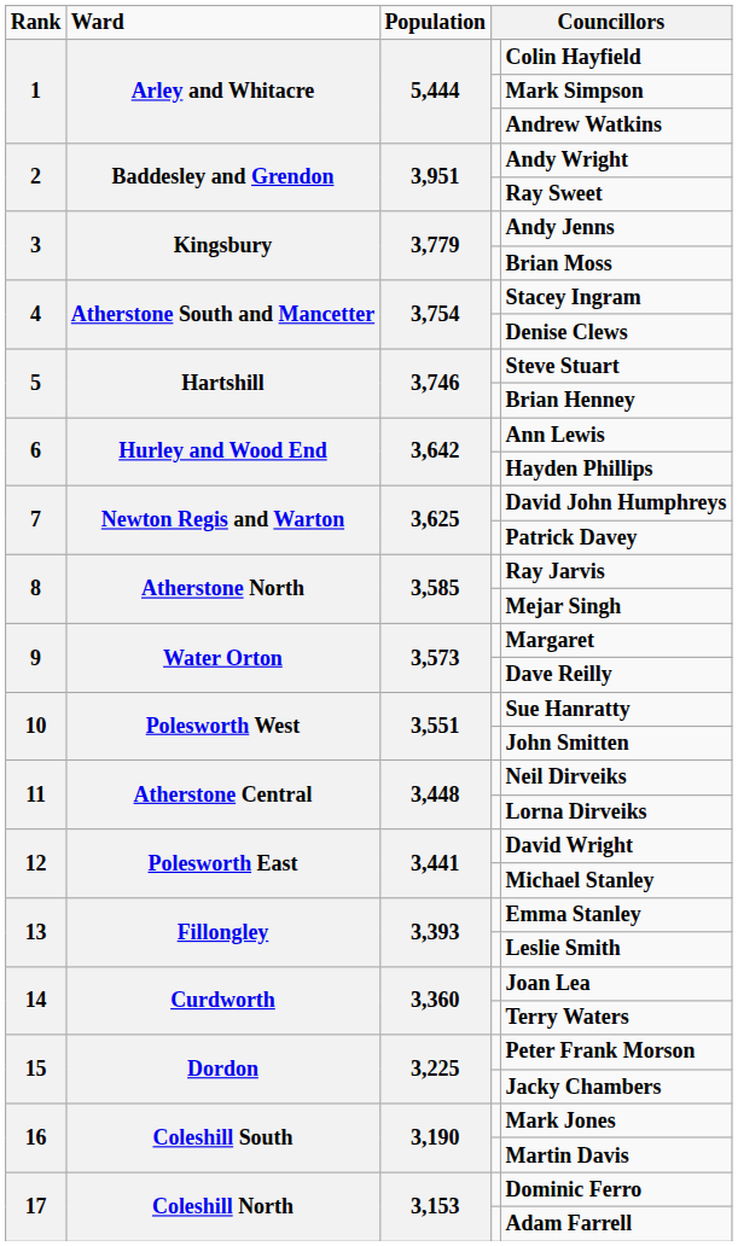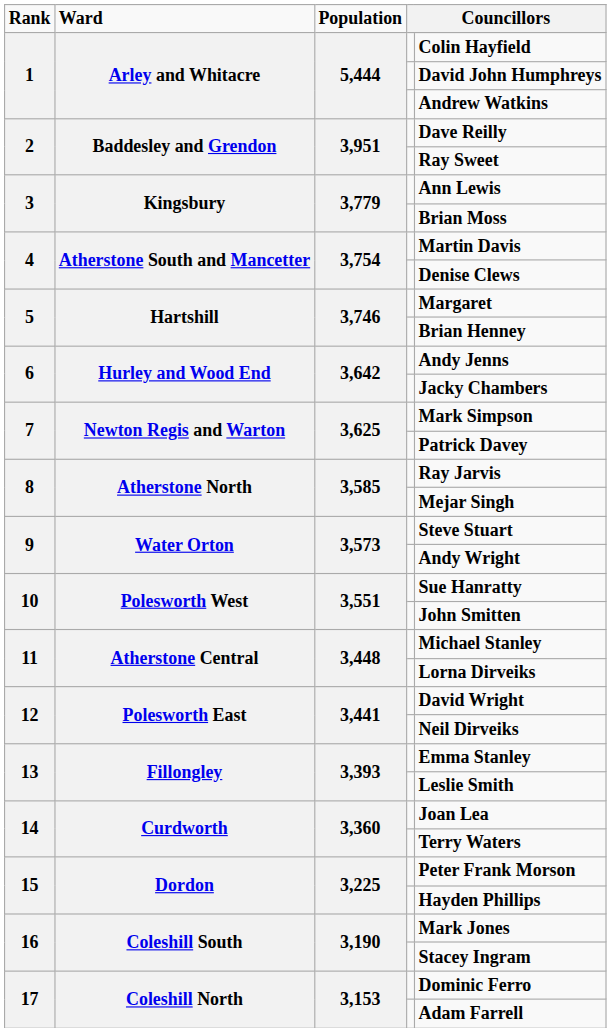 <table class="wikitable">
 <tr>
 <td><strong>Rank</strong></td>
 <td><strong>Ward</strong></td>
 <td><strong>Population</strong></td>
 <th colspan="2">Councillors</th>
 </tr>
 <tr>
 <th rowspan="3">1</th>
 <th rowspan="3"><a href='#'>Arley</a> and Whitacre</th>
 <th rowspan="3">5,444</th>
 <td style="background-color: "></td>
 <td><strong>Colin Hayfield</strong></td>
 </tr>
 <tr>
 <td style="background-color: "></td>
-<td><strong>Mark Simpson</strong></td>
+<td><strong>David John Humphreys</strong></td>
 </tr>
 <tr>
 <td style="background-color: "></td>
 <td><strong>Andrew Watkins</strong></td>
 </tr>
 <tr>
 <th rowspan="2">2</th>
 <th rowspan="2">Baddesley and <a href='#'>Grendon</a></th>
 <th rowspan="2">3,951</th>
 <td style="background-color: "></td>
-<td><strong>Andy Wright</strong></td>
+<td><strong>Dave Reilly</strong></td>
 </tr>
 <tr>
 <td style="background-color: "></td>
 <td><strong>Ray Sweet</strong></td>
 </tr>
 <tr>
 <th rowspan="2">3</th>
 <th rowspan="2">Kingsbury</th>
 <th rowspan="2">3,779</th>
 <td style="background-color: "></td>
-<td><strong>Andy Jenns</strong></td>
+<td><strong>Ann Lewis</strong></td>
 </tr>
 <tr>
 <td style="background-color: "></td>
 <td><strong>Brian Moss</strong></td>
 </tr>
 <tr>
 <th rowspan="2">4</th>
 <th rowspan="2"><a href='#'>Atherstone</a> South and <a href='#'>Mancetter</a></th>
 <th rowspan="2">3,754</th>
 <td style="background-color: "></td>
-<td><strong>Stacey Ingram</strong></td>
+<td><strong>Martin Davis</strong></td>
 </tr>
 <tr>
 <td style="background-color: "></td>
 <td><strong>Denise Clews</strong></td>
 </tr>
 <tr>
 <th rowspan="2">5</th>
 <th rowspan="2">Hartshill</th>
 <th rowspan="2">3,746</th>
 <td style="background-color: "></td>
-<td><strong>Steve Stuart</strong></td>
+<td><strong>Margaret</strong></td>
 </tr>
 <tr>
 <td style="background-color: "></td>
 <td><strong>Brian Henney</strong></td>
 </tr>
 <tr>
 <th rowspan="2">6</th>
 <th rowspan="2"><a href='#'>Hurley and Wood End</a></th>
 <th rowspan="2">3,642</th>
 <td style="background-color: "></td>
-<td><strong>Ann Lewis</strong></td>
+<td><strong>Andy Jenns</strong></td>
 </tr>
 <tr>
 <td style="background-color: "></td>
-<td><strong>Hayden Phillips</strong></td>
+<td><strong>Jacky Chambers</strong></td>
 </tr>
 <tr>
 <th rowspan="2">7</th>
 <th rowspan="2"><a href='#'>Newton Regis</a> and <a href='#'>Warton</a></th>
 <th rowspan="2">3,625</th>
 <td style="background-color: "></td>
-<td><strong>David John Humphreys</strong></td>
+<td><strong>Mark Simpson</strong></td>
 </tr>
 <tr>
 <td style="background-color: "></td>
 <td><strong>Patrick Davey</strong></td>
 </tr>
 <tr>
 <th rowspan="2">8</th>
 <th rowspan="2"><a href='#'>Atherstone</a> North</th>
 <th rowspan="2">3,585</th>
 <td style="background-color: "></td>
 <td><strong>Ray Jarvis</strong></td>
 </tr>
 <tr>
 <td style="background-color: "></td>
 <td><strong>Mejar Singh</strong></td>
 </tr>
 <tr>
 <th rowspan="2">9</th>
 <th rowspan="2"><a href='#'>Water Orton</a></th>
 <th rowspan="2">3,573</th>
 <td style="background-color: "></td>
-<td><strong>Margaret</strong></td>
+<td><strong>Steve Stuart</strong></td>
 </tr>
 <tr>
 <td style="background-color: "></td>
-<td><strong>Dave Reilly</strong></td>
+<td><strong>Andy Wright</strong></td>
 </tr>
 <tr>
 <th rowspan="2">10</th>
 <th rowspan="2"><a href='#'>Polesworth</a> West</th>
 <th rowspan="2">3,551</th>
 <td style="background-color: "></td>
 <td><strong>Sue Hanratty</strong></td>
 </tr>
 <tr>
 <td style="background-color: "></td>
 <td><strong>John Smitten</strong></td>
 </tr>
 <tr>
 <th rowspan="2">11</th>
 <th rowspan="2"><a href='#'>Atherstone</a> Central</th>
 <th rowspan="2">3,448</th>
 <td style="background-color: "></td>
-<td><strong>Neil Dirveiks</strong></td>
+<td><strong>Michael Stanley</strong></td>
 </tr>
 <tr>
 <td style="background-color: "></td>
 <td><strong>Lorna Dirveiks</strong></td>
 </tr>
 <tr>
 <th rowspan="2">12</th>
 <th rowspan="2"><a href='#'>Polesworth</a> East</th>
 <th rowspan="2">3,441</th>
 <td style="background-color: "></td>
 <td><strong>David Wright</strong></td>
 </tr>
 <tr>
 <td style="background-color: "></td>
-<td><strong>Michael Stanley</strong></td>
+<td><strong>Neil Dirveiks</strong></td>
 </tr>
 <tr>
 <th rowspan="2">13</th>
 <th rowspan="2"><a href='#'>Fillongley</a></th>
 <th rowspan="2">3,393</th>
 <td style="background-color: "></td>
 <td><strong>Emma Stanley</strong></td>
 </tr>
 <tr>
 <td style="background-color: "></td>
 <td><strong>Leslie Smith</strong></td>
 </tr>
 <tr>
 <th rowspan="2">14</th>
 <th rowspan="2"><a href='#'>Curdworth</a></th>
 <th rowspan="2">3,360</th>
 <td style="background-color: "></td>
 <td><strong>Joan Lea</strong></td>
 </tr>
 <tr>
 <td style="background-color: "></td>
 <td><strong>Terry Waters</strong></td>
 </tr>
 <tr>
 <th rowspan="2">15</th>
 <th rowspan="2"><a href='#'>Dordon</a></th>
 <th rowspan="2">3,225</th>
 <td style="background-color: "></td>
 <td><strong>Peter Frank Morson</strong></td>
 </tr>
 <tr>
 <td style="background-color: "></td>
-<td><strong>Jacky Chambers</strong></td>
+<td><strong>Hayden Phillips</strong></td>
 </tr>
 <tr>
 <th rowspan="2">16</th>
 <th rowspan="2"><a href='#'>Coleshill</a> South</th>
 <th rowspan="2">3,190</th>
 <td style="background-color: "></td>
 <td><strong>Mark Jones</strong></td>
 </tr>
 <tr>
 <td style="background-color: "></td>
-<td><strong>Martin Davis</strong></td>
+<td><strong>Stacey Ingram</strong></td>
 </tr>
 <tr>
 <th rowspan="2">17</th>
 <th rowspan="2"><a href='#'>Coleshill</a> North</th>
 <th rowspan="2">3,153</th>
 <td style="background-color: "></td>
 <td><strong>Dominic Ferro</strong></td>
 </tr>
 <tr>
 <td style="background-color: "></td>
 <td><strong>Adam Farrell</strong></td>
 </tr>
 </table>
